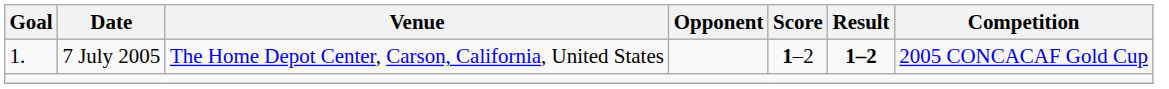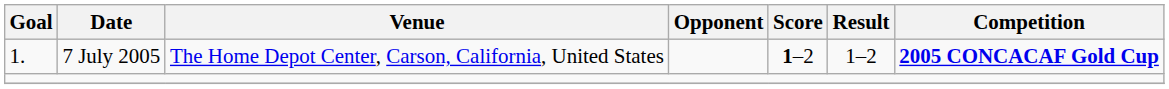 <table class="wikitable" style="font-size:95%;">
 <tr>
 <th>Goal</th>
 <th>Date</th>
 <th>Venue</th>
 <th>Opponent</th>
 <th>Score</th>
 <th>Result</th>
 <th>Competition</th>
 </tr>
 <tr>
 <td>1.</td>
 <td>7 July 2005</td>
 <td><a href='#'>The Home Depot Center</a>, <a href='#'>Carson, California</a>, United States</td>
 <td></td>
 <td align=center><strong>1</strong>–2</td>
-<td align=center><strong>1–2</strong></td>
-<td><a href='#'>2005 CONCACAF Gold Cup</a></td>
+<td align=center>1–2</td>
+<td><strong><a href='#'>2005 CONCACAF Gold Cup</a></strong></td>
 </tr>
 <tr>
 <td colspan="12"></td>
 </tr>
 <tr>
 </tr>
 </table>
